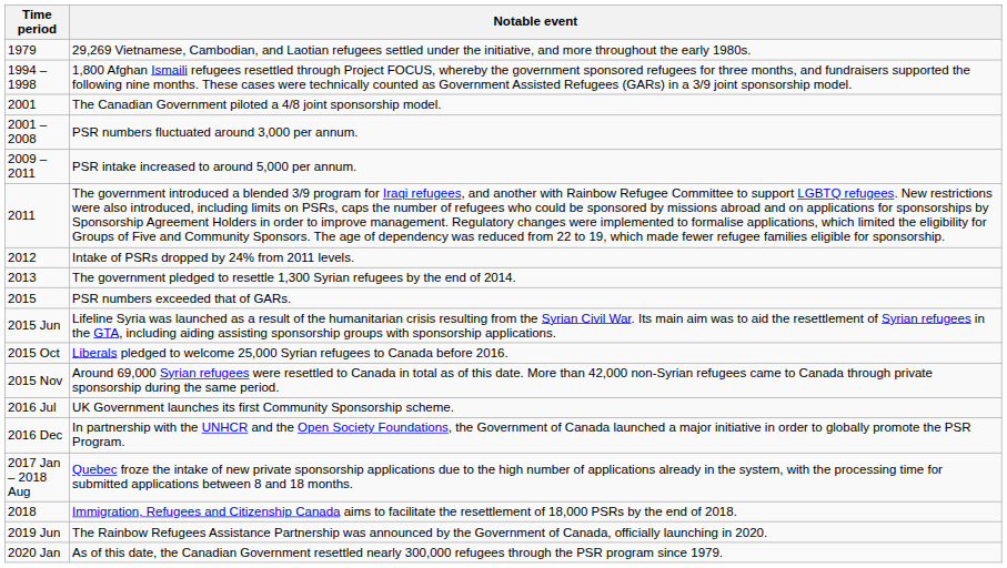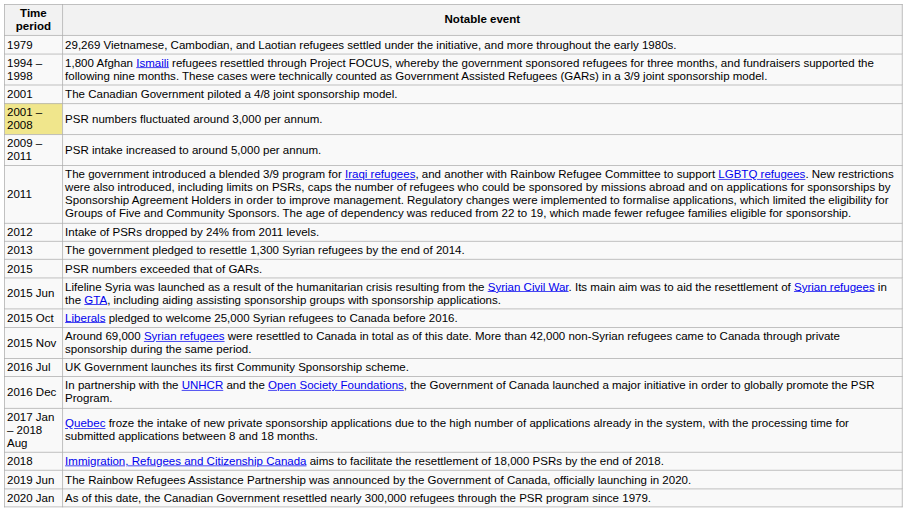 <table class="wikitable">
 <tr>
 <th>Time period</th>
 <th>Notable event</th>
 </tr>
 <tr>
 <td>1979</td>
 <td>29,269 Vietnamese, Cambodian, and Laotian refugees settled under the initiative, and more throughout the early 1980s.</td>
 </tr>
 <tr>
 <td>1994 – 1998</td>
 <td>1,800 Afghan <a href='#'>Ismaili</a> refugees resettled through Project FOCUS, whereby the government sponsored refugees for three months, and fundraisers supported the following nine months. These cases were technically counted as Government Assisted Refugees (GARs) in a 3/9 joint sponsorship model.</td>
 </tr>
 <tr>
 <td>2001</td>
 <td>The Canadian Government piloted a 4/8 joint sponsorship model.</td>
 </tr>
 <tr>
-<td>2001 – 2008</td>
+<td style="background: khaki;">2001 – 2008</td>
 <td>PSR numbers fluctuated around 3,000 per annum.</td>
 </tr>
 <tr>
 <td>2009 – 2011</td>
 <td>PSR intake increased to around 5,000 per annum.</td>
 </tr>
 <tr>
 <td>2011</td>
 <td>The government introduced a blended 3/9 program for <a href='#'>Iraqi refugees</a>, and another with Rainbow Refugee Committee to support <a href='#'>LGBTQ refugees</a>. New restrictions were also introduced, including limits on PSRs, caps the number of refugees who could be sponsored by missions abroad and on applications for sponsorships by Sponsorship Agreement Holders in order to improve management. Regulatory changes were implemented to formalise applications, which limited the eligibility for Groups of Five and Community Sponsors. The age of dependency was reduced from 22 to 19, which made fewer refugee families eligible for sponsorship.</td>
 </tr>
 <tr>
 <td>2012</td>
 <td>Intake of PSRs dropped by 24% from 2011 levels.</td>
 </tr>
 <tr>
 <td>2013</td>
 <td>The government pledged to resettle 1,300 Syrian refugees by the end of 2014.</td>
 </tr>
 <tr>
 <td>2015</td>
 <td>PSR numbers exceeded that of GARs.</td>
 </tr>
 <tr>
 <td>2015 Jun</td>
 <td>Lifeline Syria was launched as a result of the humanitarian crisis resulting from the <a href='#'>Syrian Civil War</a>. Its main aim was to aid the resettlement of <a href='#'>Syrian refugees</a> in the <a href='#'>GTA</a>, including aiding assisting sponsorship groups with sponsorship applications.</td>
 </tr>
 <tr>
 <td>2015 Oct</td>
 <td><a href='#'>Liberals</a> pledged to welcome 25,000 Syrian refugees to Canada before 2016.</td>
 </tr>
 <tr>
 <td>2015 Nov</td>
 <td>Around 69,000 <a href='#'>Syrian refugees</a> were resettled to Canada in total as of this date. More than 42,000 non-Syrian refugees came to Canada through private sponsorship during the same period.</td>
 </tr>
 <tr>
 <td>2016 Jul</td>
 <td>UK Government launches its first Community Sponsorship scheme.</td>
 </tr>
 <tr>
 <td>2016 Dec</td>
 <td>In partnership with the <a href='#'>UNHCR</a> and the <a href='#'>Open Society Foundations</a>, the Government of Canada launched a major initiative in order to globally promote the PSR Program.</td>
 </tr>
 <tr>
 <td>2017 Jan – 2018 Aug</td>
 <td><a href='#'>Quebec</a> froze the intake of new private sponsorship applications due to the high number of applications already in the system, with the processing time for submitted applications between 8 and 18 months.</td>
 </tr>
 <tr>
 <td>2018</td>
 <td><a href='#'>Immigration, Refugees and Citizenship Canada</a> aims to facilitate the resettlement of 18,000 PSRs by the end of 2018.</td>
 </tr>
 <tr>
 <td>2019 Jun</td>
 <td>The Rainbow Refugees Assistance Partnership was announced by the Government of Canada, officially launching in 2020.</td>
 </tr>
 <tr>
 <td>2020 Jan</td>
 <td>As of this date, the Canadian Government resettled nearly 300,000 refugees through the PSR program since 1979.</td>
 </tr>
 </table>
